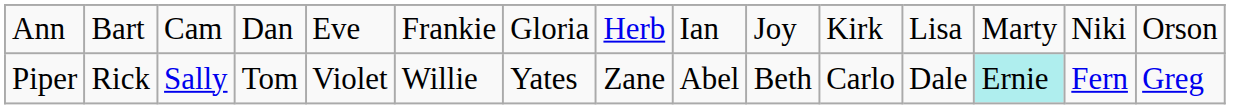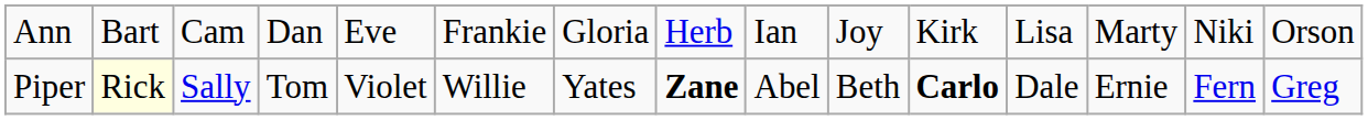 <table class="wikitable">
 <tr>
 <td>Ann</td>
 <td>Bart</td>
 <td>Cam</td>
 <td>Dan</td>
 <td>Eve</td>
 <td>Frankie</td>
 <td>Gloria</td>
 <td><a href='#'>Herb</a></td>
 <td>Ian</td>
 <td>Joy</td>
 <td>Kirk</td>
 <td>Lisa</td>
 <td>Marty</td>
 <td>Niki</td>
 <td>Orson</td>
 </tr>
 <tr>
 <td>Piper</td>
-<td>Rick</td>
+<td style="background: lightyellow;">Rick</td>
 <td><a href='#'>Sally</a></td>
 <td>Tom</td>
 <td>Violet</td>
 <td>Willie</td>
 <td>Yates</td>
-<td>Zane</td>
+<td><strong>Zane</strong></td>
 <td>Abel</td>
 <td>Beth</td>
-<td>Carlo</td>
+<td><strong>Carlo</strong></td>
 <td>Dale</td>
-<td style="background: paleturquoise;">Ernie</td>
+<td>Ernie</td>
 <td><a href='#'>Fern</a></td>
 <td><a href='#'>Greg</a></td>
 </tr>
 </table>
